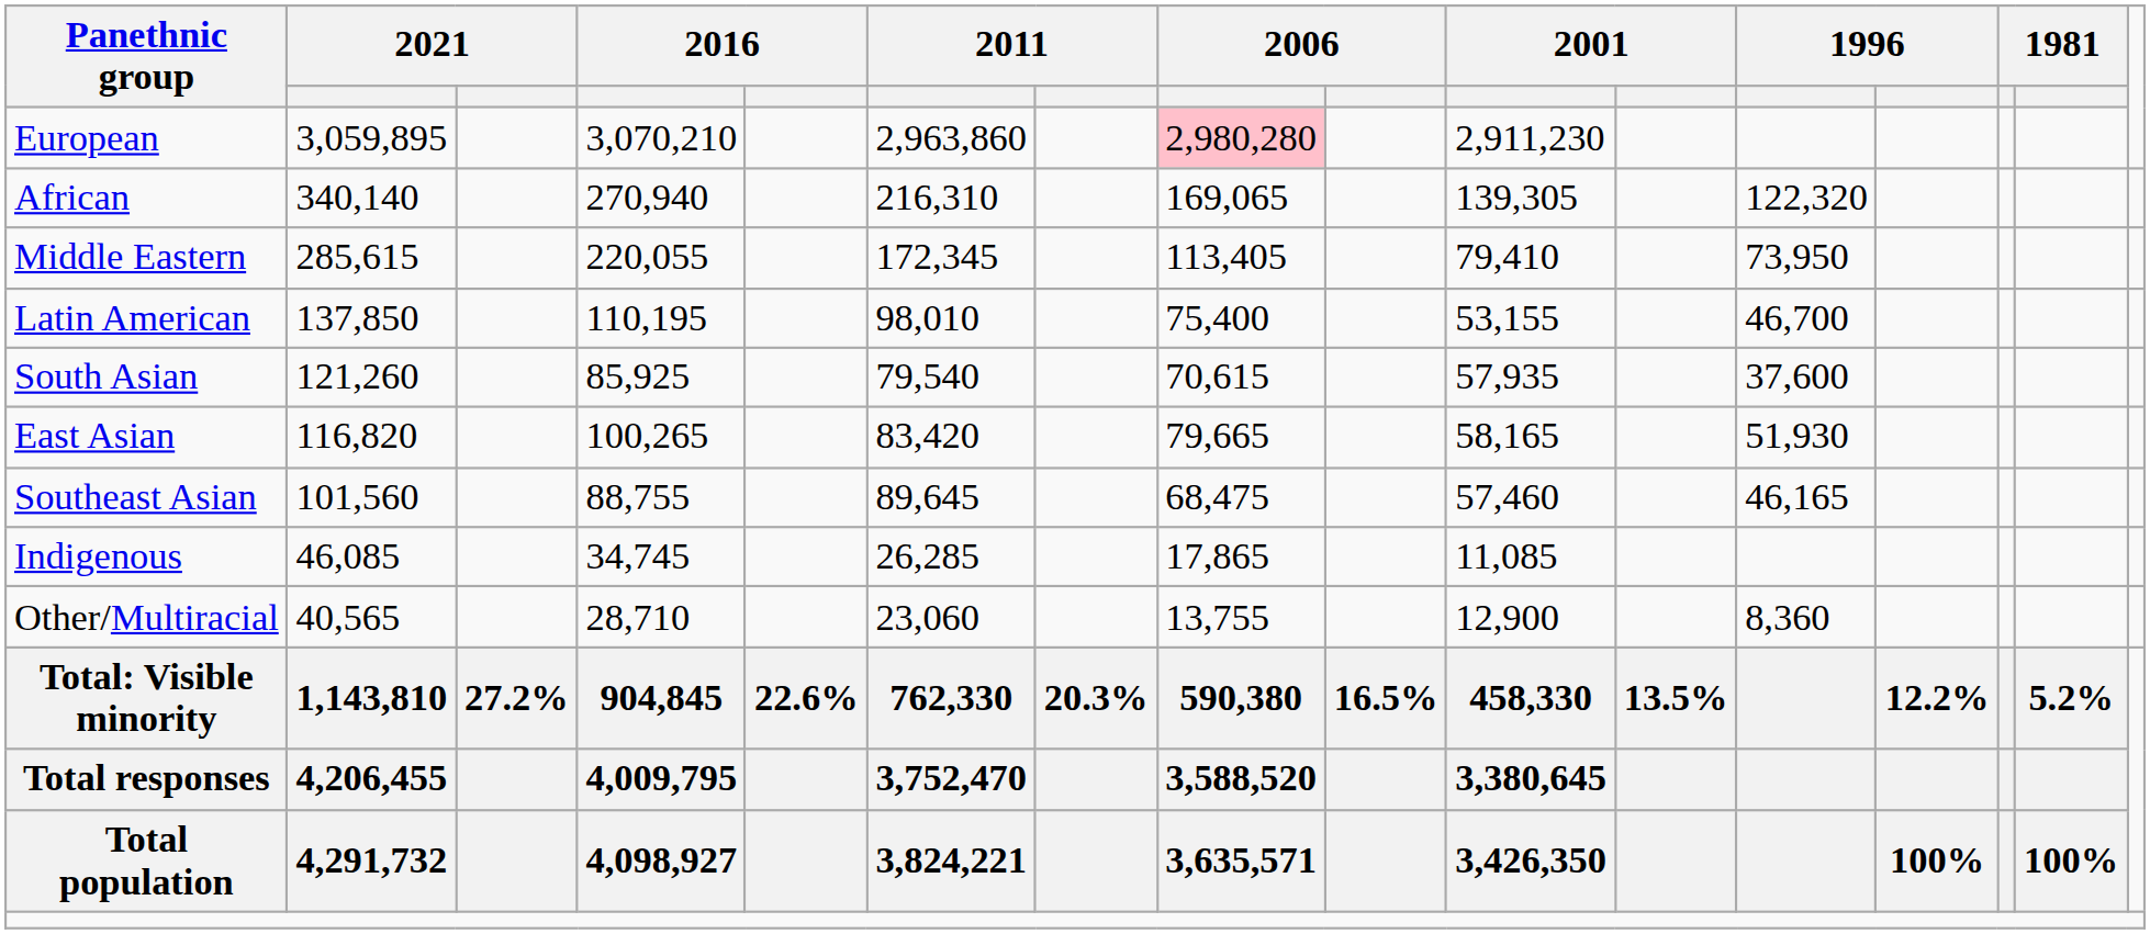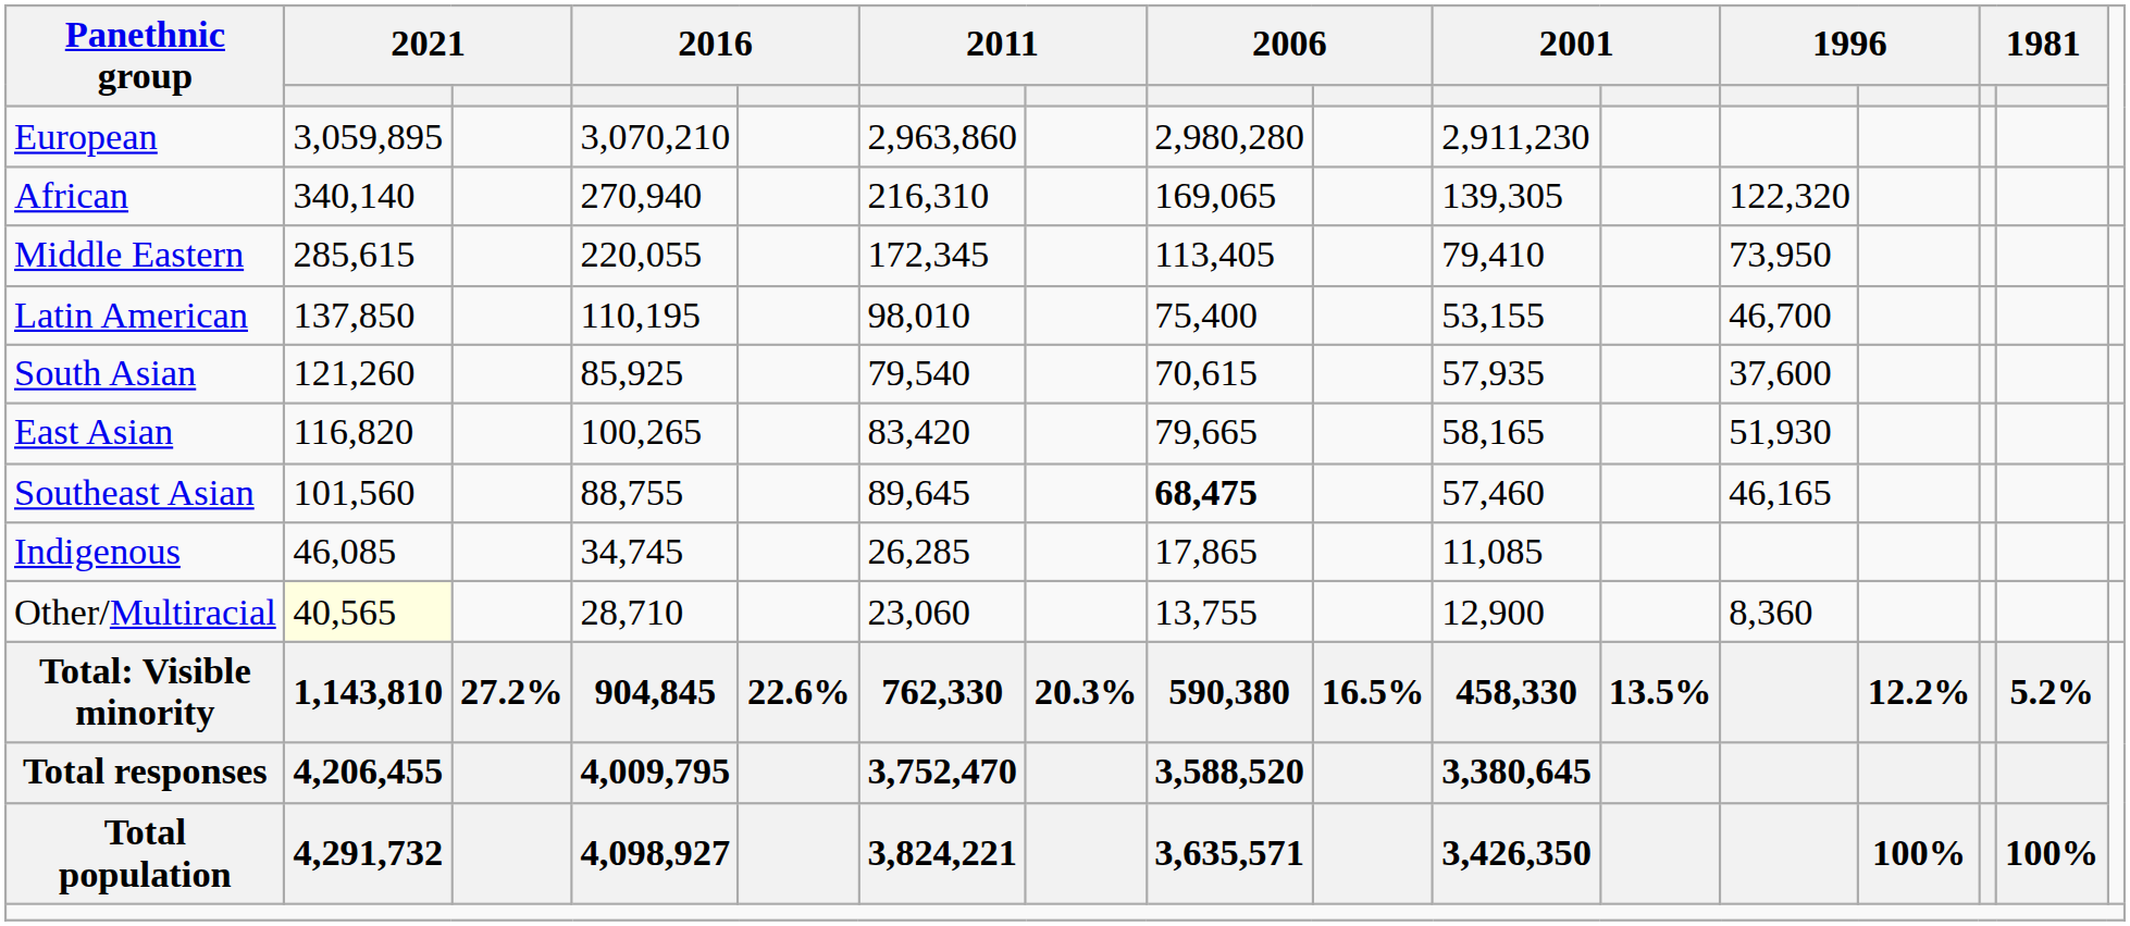 <table class="wikitable collapsible sortable">
 <tr>
 <th rowspan="2"><a href='#'>Panethnic</a><br>group</th>
 <th colspan="2">2021</th>
 <th colspan="2">2016</th>
 <th colspan="2">2011</th>
 <th colspan="2">2006</th>
 <th colspan="2">2001</th>
 <th colspan="2">1996</th>
 <th colspan="2">1981</th>
 </tr>
 <tr>
 <th><a href='#'></a></th>
 <th></th>
 <th></th>
 <th></th>
 <th></th>
 <th></th>
 <th></th>
 <th></th>
 <th></th>
 <th></th>
 <th></th>
 <th></th>
 <th></th>
 <th></th>
 </tr>
 <tr>
 <td><a href='#'>European</a></td>
 <td>3,059,895</td>
 <td></td>
 <td>3,070,210</td>
 <td></td>
 <td>2,963,860</td>
 <td></td>
-<td style="background: pink;">2,980,280</td>
+<td>2,980,280</td>
 <td></td>
 <td>2,911,230</td>
 <td></td>
 <td></td>
 <td></td>
 <td></td>
 <td></td>
 </tr>
 <tr>
 <td><a href='#'>African</a></td>
 <td>340,140</td>
 <td></td>
 <td>270,940</td>
 <td></td>
 <td>216,310</td>
 <td></td>
 <td>169,065</td>
 <td></td>
 <td>139,305</td>
 <td></td>
 <td>122,320</td>
 <td></td>
 <td></td>
 <td></td>
 <td></td>
 </tr>
 <tr>
 <td><a href='#'>Middle Eastern</a></td>
 <td>285,615</td>
 <td></td>
 <td>220,055</td>
 <td></td>
 <td>172,345</td>
 <td></td>
 <td>113,405</td>
 <td></td>
 <td>79,410</td>
 <td></td>
 <td>73,950</td>
 <td></td>
 <td></td>
 <td></td>
 <td></td>
 </tr>
 <tr>
 <td><a href='#'>Latin American</a></td>
 <td>137,850</td>
 <td></td>
 <td>110,195</td>
 <td></td>
 <td>98,010</td>
 <td></td>
 <td>75,400</td>
 <td></td>
 <td>53,155</td>
 <td></td>
 <td>46,700</td>
 <td></td>
 <td></td>
 <td></td>
 <td></td>
 </tr>
 <tr>
 <td><a href='#'>South Asian</a></td>
 <td>121,260</td>
 <td></td>
 <td>85,925</td>
 <td></td>
 <td>79,540</td>
 <td></td>
 <td>70,615</td>
 <td></td>
 <td>57,935</td>
 <td></td>
 <td>37,600</td>
 <td></td>
 <td></td>
 <td></td>
 <td></td>
 </tr>
 <tr>
 <td><a href='#'>East Asian</a></td>
 <td>116,820</td>
 <td></td>
 <td>100,265</td>
 <td></td>
 <td>83,420</td>
 <td></td>
 <td>79,665</td>
 <td></td>
 <td>58,165</td>
 <td></td>
 <td>51,930</td>
 <td></td>
 <td></td>
 <td></td>
 <td></td>
 </tr>
 <tr>
 <td><a href='#'>Southeast Asian</a></td>
 <td>101,560</td>
 <td></td>
 <td>88,755</td>
 <td></td>
 <td>89,645</td>
 <td></td>
-<td>68,475</td>
+<td><strong>68,475</strong></td>
 <td></td>
 <td>57,460</td>
 <td></td>
 <td>46,165</td>
 <td></td>
 <td></td>
 <td></td>
 <td></td>
 </tr>
 <tr>
 <td><a href='#'>Indigenous</a></td>
 <td>46,085</td>
 <td></td>
 <td>34,745</td>
 <td></td>
 <td>26,285</td>
 <td></td>
 <td>17,865</td>
 <td></td>
 <td>11,085</td>
 <td></td>
 <td></td>
 <td></td>
 <td></td>
 <td></td>
 </tr>
 <tr>
 <td>Other/<a href='#'>Multiracial</a></td>
-<td>40,565</td>
+<td style="background: lightyellow;">40,565</td>
 <td></td>
 <td>28,710</td>
 <td></td>
 <td>23,060</td>
 <td></td>
 <td>13,755</td>
 <td></td>
 <td>12,900</td>
 <td></td>
 <td>8,360</td>
 <td></td>
 <td></td>
 <td></td>
 <td></td>
 </tr>
 <tr>
 <th>Total: Visible minority</th>
 <th>1,143,810</th>
 <th>27.2%</th>
 <th>904,845</th>
 <th>22.6%</th>
 <th>762,330</th>
 <th>20.3%</th>
 <th>590,380</th>
 <th>16.5%</th>
 <th>458,330</th>
 <th>13.5%</th>
 <th></th>
 <th>12.2%</th>
 <th></th>
 <th>5.2%</th>
 </tr>
 <tr>
 <th>Total responses</th>
 <th>4,206,455</th>
 <th></th>
 <th>4,009,795</th>
 <th></th>
 <th>3,752,470</th>
 <th></th>
 <th>3,588,520</th>
 <th></th>
 <th>3,380,645</th>
 <th></th>
 <th></th>
 <th></th>
 <th></th>
 <th></th>
 </tr>
 <tr>
 <th>Total population</th>
 <th>4,291,732</th>
 <th></th>
 <th>4,098,927</th>
 <th></th>
 <th>3,824,221</th>
 <th></th>
 <th>3,635,571</th>
 <th></th>
 <th>3,426,350</th>
 <th></th>
 <th></th>
 <th>100%</th>
 <th></th>
 <th>100%</th>
 </tr>
 <tr class="sortbottom">
 <td colspan="20"></td>
 </tr>
 </table>
